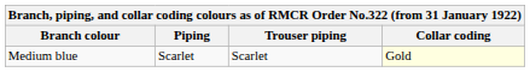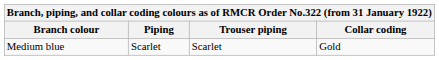 <table class="wikitable">
 <tr>
 <th colspan="4">Branch, piping, and collar coding colours as of RMCR Order No.322 (from 31 January 1922)</th>
 </tr>
 <tr>
 <th>Branch colour</th>
 <th>Piping</th>
 <th>Trouser piping</th>
 <th>Collar coding</th>
 </tr>
 <tr>
 <td>Medium blue</td>
 <td>Scarlet</td>
 <td>Scarlet</td>
-<td style="background: lightyellow;">Gold</td>
+<td>Gold</td>
 </tr>
 </table>
